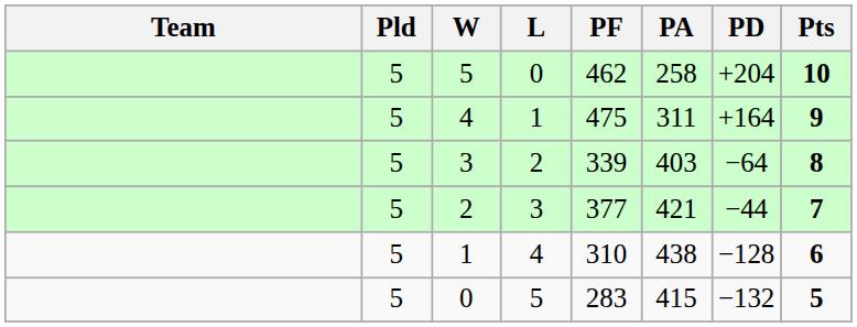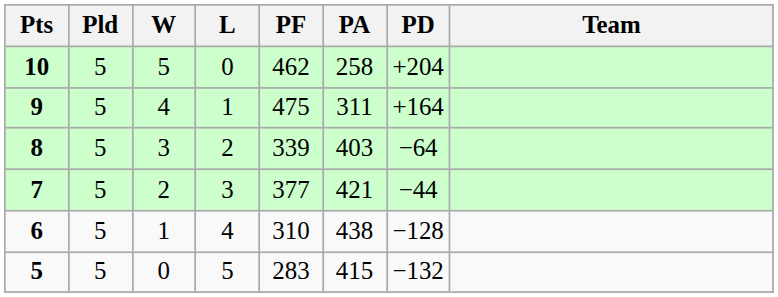 <table class=wikitable style="text-align:center; font-size:90%;">
 <tr>
-<th width=180>Team</th>
+<th width=30>Pts</th>
 <th width=30>Pld</th>
 <th width=30>W</th>
 <th width=30>L</th>
 <th width=30>PF</th>
 <th width=30>PA</th>
 <th width=30>PD</th>
-<th width=30>Pts</th>
+<th width=180>Team</th>
 </tr>
 <tr style="background:#cfc;">
-<td style="text-align:left"></td>
+<td><strong>10</strong></td>
 <td>5</td>
 <td>5</td>
 <td>0</td>
 <td>462</td>
 <td>258</td>
 <td>+204</td>
-<td><strong>10</strong></td>
+<td style="text-align:left"></td>
 </tr>
 <tr style="background:#cfc;">
-<td style="text-align:left"></td>
+<td><strong>9</strong></td>
 <td>5</td>
 <td>4</td>
 <td>1</td>
 <td>475</td>
 <td>311</td>
 <td>+164</td>
-<td><strong>9</strong></td>
+<td style="text-align:left"></td>
 </tr>
 <tr style="background:#cfc;">
-<td style="text-align:left"></td>
+<td><strong>8</strong></td>
 <td>5</td>
 <td>3</td>
 <td>2</td>
 <td>339</td>
 <td>403</td>
 <td>−64</td>
-<td><strong>8</strong></td>
+<td style="text-align:left"></td>
 </tr>
 <tr style="background:#cfc;">
-<td style="text-align:left"></td>
+<td><strong>7</strong></td>
 <td>5</td>
 <td>2</td>
 <td>3</td>
 <td>377</td>
 <td>421</td>
 <td>−44</td>
-<td><strong>7</strong></td>
+<td style="text-align:left"></td>
 </tr>
 <tr>
-<td style="text-align:left"></td>
+<td><strong>6</strong></td>
 <td>5</td>
 <td>1</td>
 <td>4</td>
 <td>310</td>
 <td>438</td>
 <td>−128</td>
-<td><strong>6</strong></td>
+<td style="text-align:left"></td>
 </tr>
 <tr>
-<td style="text-align:left"></td>
+<td><strong>5</strong></td>
 <td>5</td>
 <td>0</td>
 <td>5</td>
 <td>283</td>
 <td>415</td>
 <td>−132</td>
-<td><strong>5</strong></td>
+<td style="text-align:left"></td>
 </tr>
 </table>
